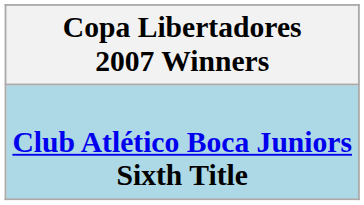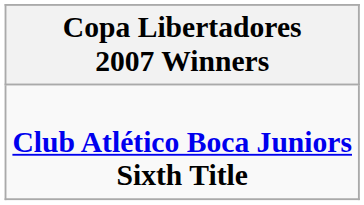 <table class="wikitable" style="text-align: center; margin: 0 auto;">
 <tr>
 <th>Copa Libertadores<br>2007 Winners</th>
 </tr>
 <tr>
-<td style="background: lightblue;"><br><strong><a href='#'>Club Atlético Boca Juniors</a></strong><br><strong>Sixth Title</strong></td>
+<td><br><strong><a href='#'>Club Atlético Boca Juniors</a></strong><br><strong>Sixth Title</strong></td>
 </tr>
 </table>
